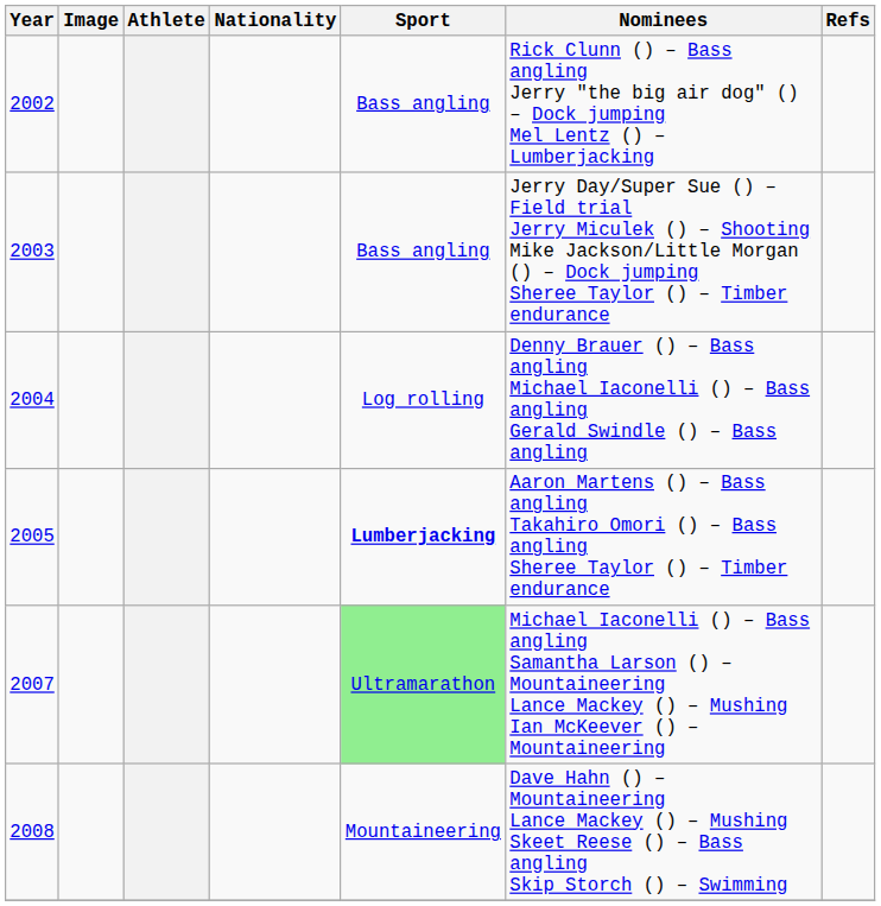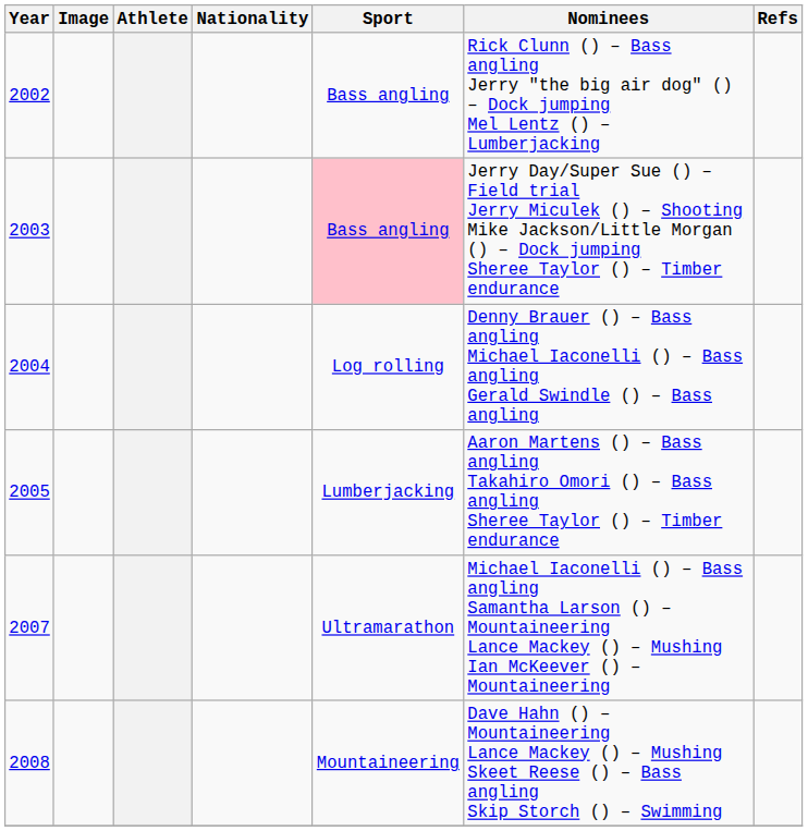 <table class="wikitable plainrowheaders sortable" style="text-align:center;">
 <tr>
 <th scope=col>Year</th>
 <th scope=col class=unsortable>Image</th>
 <th scope=col>Athlete</th>
 <th scope=col>Nationality</th>
 <th scope=col>Sport</th>
 <th scope=col class=unsortable>Nominees</th>
 <th scope=col class=unsortable>Refs</th>
 </tr>
 <tr>
 <td><a href='#'>2002</a></td>
 <td></td>
 <th scope=row></th>
 <td></td>
 <td><a href='#'>Bass angling</a></td>
 <td align=left><a href='#'>Rick Clunn</a> () – <a href='#'>Bass angling</a><br>Jerry "the big air dog" () – <a href='#'>Dock jumping</a><br><a href='#'>Mel Lentz</a> () – <a href='#'>Lumberjacking</a></td>
 <td></td>
 </tr>
 <tr>
 <td><a href='#'>2003</a></td>
 <td></td>
 <th scope=row></th>
 <td></td>
-<td><a href='#'>Bass angling</a></td>
+<td style="background: pink;"><a href='#'>Bass angling</a></td>
 <td align=left>Jerry Day/Super Sue () – <a href='#'>Field trial</a><br><a href='#'>Jerry Miculek</a> () – <a href='#'>Shooting</a><br>Mike Jackson/Little Morgan () – <a href='#'>Dock jumping</a><br><a href='#'>Sheree Taylor</a> () – <a href='#'>Timber endurance</a></td>
 <td></td>
 </tr>
 <tr>
 <td><a href='#'>2004</a></td>
 <td></td>
 <th scope=row></th>
 <td></td>
 <td><a href='#'>Log rolling</a></td>
 <td align=left><a href='#'>Denny Brauer</a> () – <a href='#'>Bass angling</a><br><a href='#'>Michael Iaconelli</a> () – <a href='#'>Bass angling</a><br><a href='#'>Gerald Swindle</a> () – <a href='#'>Bass angling</a></td>
 <td></td>
 </tr>
 <tr>
 <td><a href='#'>2005</a></td>
 <td></td>
 <th scope=row></th>
 <td></td>
-<td><strong><a href='#'>Lumberjacking</a></strong></td>
+<td><a href='#'>Lumberjacking</a></td>
 <td align=left><a href='#'>Aaron Martens</a> () – <a href='#'>Bass angling</a><br><a href='#'>Takahiro Omori</a> () – <a href='#'>Bass angling</a><br><a href='#'>Sheree Taylor</a> () – <a href='#'>Timber endurance</a></td>
 <td></td>
 </tr>
 <tr>
 <td><a href='#'>2007</a></td>
 <td></td>
 <th scope=row></th>
 <td></td>
-<td style="background: lightgreen;"><a href='#'>Ultramarathon</a></td>
+<td><a href='#'>Ultramarathon</a></td>
 <td align=left><a href='#'>Michael Iaconelli</a> () – <a href='#'>Bass angling</a><br><a href='#'>Samantha Larson</a> () – <a href='#'>Mountaineering</a><br><a href='#'>Lance Mackey</a> () – <a href='#'>Mushing</a><br><a href='#'>Ian McKeever</a> () – <a href='#'>Mountaineering</a></td>
 <td></td>
 </tr>
 <tr>
 <td><a href='#'>2008</a></td>
 <td></td>
 <th scope="row"></th>
 <td></td>
 <td><a href='#'>Mountaineering</a></td>
 <td align=left><a href='#'>Dave Hahn</a> () – <a href='#'>Mountaineering</a><br><a href='#'>Lance Mackey</a> () – <a href='#'>Mushing</a><br><a href='#'>Skeet Reese</a> () – <a href='#'>Bass angling</a><br><a href='#'>Skip Storch</a> () – <a href='#'>Swimming</a></td>
 <td></td>
 </tr>
 <tr>
 </tr>
 </table>
